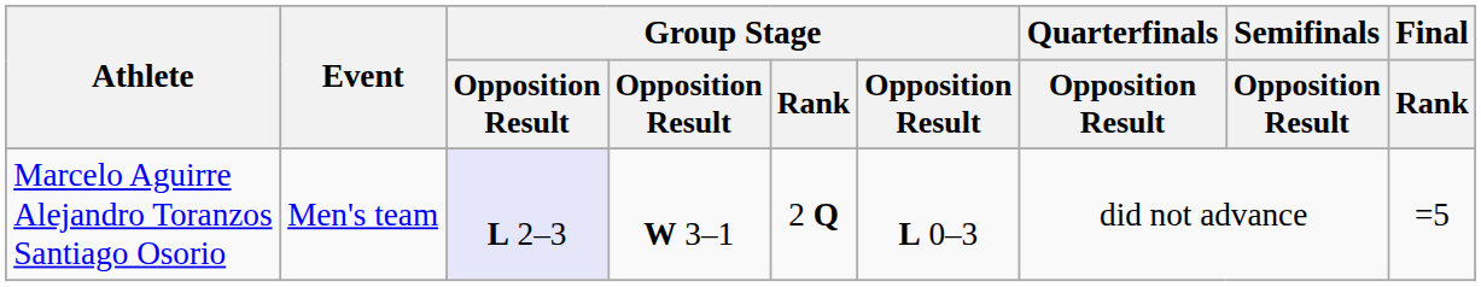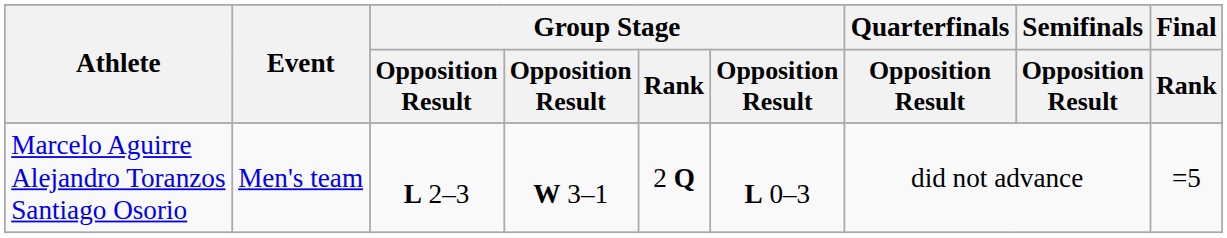 <table class="wikitable" style="font-size:95%">
 <tr>
 <th rowspan=2>Athlete</th>
 <th rowspan=2>Event</th>
 <th colspan=4>Group Stage</th>
 <th>Quarterfinals</th>
 <th>Semifinals</th>
 <th colspan=2>Final</th>
 </tr>
 <tr style="font-size:95%">
 <th>Opposition<br>Result</th>
 <th>Opposition<br>Result</th>
 <th>Rank</th>
 <th>Opposition<br>Result</th>
 <th>Opposition<br>Result</th>
 <th>Opposition<br>Result</th>
 <th>Rank</th>
 </tr>
 <tr align=center>
 <td align=left><a href='#'>Marcelo Aguirre</a><br><a href='#'>Alejandro Toranzos</a><br><a href='#'>Santiago Osorio</a></td>
 <td align=left><a href='#'>Men's team</a></td>
-<td style="background: lavender;"><br><strong>L</strong> 2–3</td>
+<td><br><strong>L</strong> 2–3</td>
 <td><br><strong>W</strong> 3–1</td>
 <td>2 <strong>Q</strong></td>
 <td><br><strong>L</strong> 0–3</td>
 <td colspan=2>did not advance</td>
 <td>=5</td>
 </tr>
 </table>
